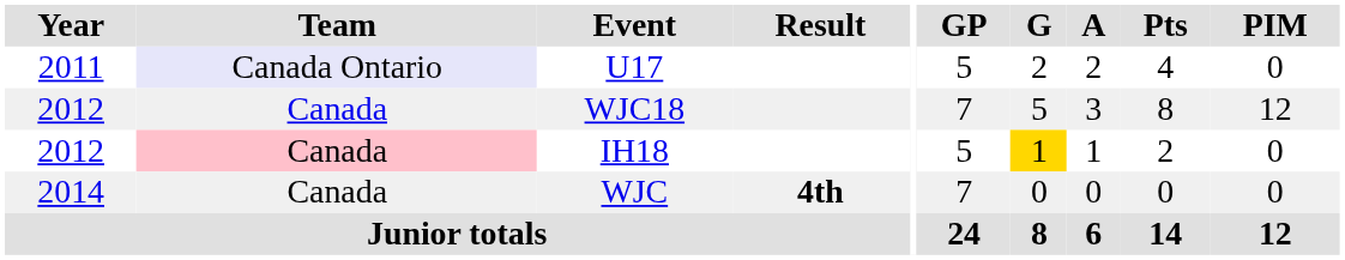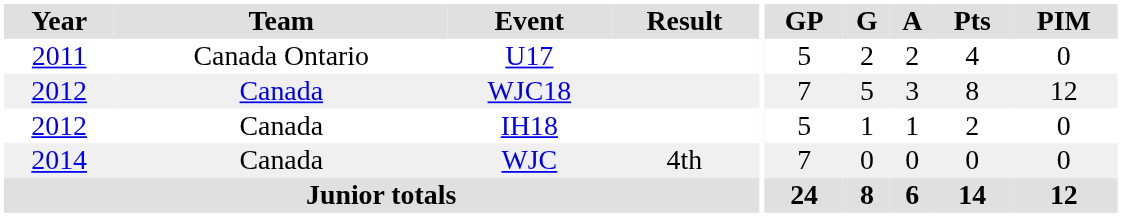 <table border="0" cellpadding="1" cellspacing="0" ID="Table3" style="text-align:center; width:40em">
 <tr ALIGN="centre" bgcolor="#e0e0e0">
 <th>Year</th>
 <th>Team</th>
 <th>Event</th>
 <th>Result</th>
 <th rowspan="99" bgcolor="#ffffff"></th>
 <th>GP</th>
 <th>G</th>
 <th>A</th>
 <th>Pts</th>
 <th>PIM</th>
 </tr>
 <tr>
 <td><a href='#'>2011</a></td>
-<td style="background: lavender;">Canada Ontario</td>
+<td>Canada Ontario</td>
 <td><a href='#'>U17</a></td>
 <td></td>
 <td>5</td>
 <td>2</td>
 <td>2</td>
 <td>4</td>
 <td>0</td>
 </tr>
 <tr bgcolor="#f0f0f0">
 <td><a href='#'>2012</a></td>
 <td><a href='#'>Canada</a></td>
 <td><a href='#'>WJC18</a></td>
 <td></td>
 <td>7</td>
 <td>5</td>
 <td>3</td>
 <td>8</td>
 <td>12</td>
 </tr>
 <tr>
 <td><a href='#'>2012</a></td>
-<td style="background: pink;">Canada</td>
+<td>Canada</td>
 <td><a href='#'>IH18</a></td>
 <td></td>
 <td>5</td>
-<td style="background: gold;">1</td>
+<td>1</td>
 <td>1</td>
 <td>2</td>
 <td>0</td>
 </tr>
 <tr bgcolor="#f0f0f0">
 <td><a href='#'>2014</a></td>
 <td>Canada</td>
 <td><a href='#'>WJC</a></td>
-<td><strong>4th</strong></td>
+<td>4th</td>
 <td>7</td>
 <td>0</td>
 <td>0</td>
 <td>0</td>
 <td>0</td>
 </tr>
 <tr ALIGN="centre" bgcolor="#e0e0e0">
 <th colspan=4>Junior totals</th>
 <th>24</th>
 <th>8</th>
 <th>6</th>
 <th>14</th>
 <th>12</th>
 </tr>
 </table>
